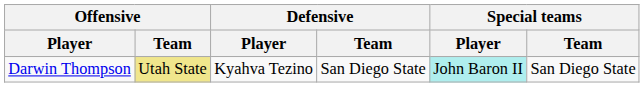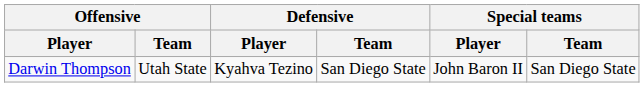 <table class="wikitable">
 <tr>
 <th colspan="2">Offensive</th>
 <th colspan="2">Defensive</th>
 <th colspan="2">Special teams</th>
 </tr>
 <tr>
 <th>Player</th>
 <th>Team</th>
 <th>Player</th>
 <th>Team</th>
 <th>Player</th>
 <th>Team</th>
 </tr>
 <tr>
 <td><a href='#'>Darwin Thompson</a></td>
-<td style="background: khaki;">Utah State</td>
+<td>Utah State</td>
 <td>Kyahva Tezino</td>
 <td>San Diego State</td>
-<td style="background: paleturquoise;">John Baron II</td>
+<td>John Baron II</td>
 <td>San Diego State</td>
 </tr>
 </table>
